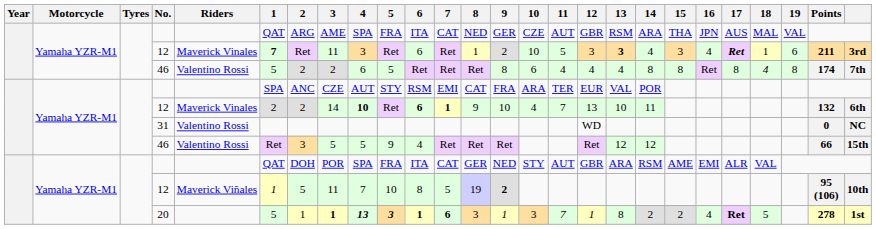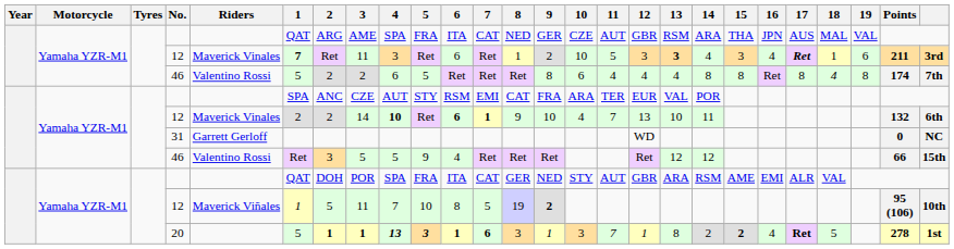 <table class="wikitable" style="font-size: 80%; text-align:center">
 <tr>
 <th>Year</th>
 <th>Motorcycle</th>
 <th>Tyres</th>
 <th>No.</th>
 <th>Riders</th>
 <th>1</th>
 <th>2</th>
 <th>3</th>
 <th>4</th>
 <th>5</th>
 <th>6</th>
 <th>7</th>
 <th>8</th>
 <th>9</th>
 <th>10</th>
 <th>11</th>
 <th>12</th>
 <th>13</th>
 <th>14</th>
 <th>15</th>
 <th>16</th>
 <th>17</th>
 <th>18</th>
 <th>19</th>
 <th>Points</th>
 <th></th>
 </tr>
 <tr>
 <th rowspan="3"></th>
 <td rowspan="3"><a href='#'>Yamaha YZR-M1</a></td>
 <td rowspan="3"></td>
 <td></td>
 <td></td>
 <td><a href='#'>QAT</a></td>
 <td><a href='#'>ARG</a></td>
 <td><a href='#'>AME</a></td>
 <td><a href='#'>SPA</a></td>
 <td><a href='#'>FRA</a></td>
 <td><a href='#'>ITA</a></td>
 <td><a href='#'>CAT</a></td>
 <td><a href='#'>NED</a></td>
 <td><a href='#'>GER</a></td>
 <td><a href='#'>CZE</a></td>
 <td><a href='#'>AUT</a></td>
 <td><a href='#'>GBR</a></td>
 <td><a href='#'>RSM</a></td>
 <td><a href='#'>ARA</a></td>
 <td><a href='#'>THA</a></td>
 <td><a href='#'>JPN</a></td>
 <td><a href='#'>AUS</a></td>
 <td><a href='#'>MAL</a></td>
 <td><a href='#'>VAL</a></td>
 <td colspan=2></td>
 </tr>
 <tr>
 <td>12</td>
 <td align="left"> <a href='#'>Maverick Vinales</a></td>
 <td style="background:#dfffdf;"><strong>7</strong></td>
 <td style="background:#efcfff;">Ret</td>
 <td style="background:#dfffdf;">11</td>
 <td style="background:#ffdf9f;">3</td>
 <td style="background:#efcfff;">Ret</td>
 <td style="background:#dfffdf;">6</td>
 <td style="background:#efcfff;">Ret</td>
 <td style="background:#ffffbf;">1</td>
 <td style="background:#dfdfdf;">2</td>
 <td style="background:#dfffdf;">10</td>
 <td style="background:#dfffdf;">5</td>
 <td style="background:#ffdf9f;">3</td>
 <td style="background:#ffdf9f;"><strong>3</strong></td>
 <td style="background:#dfffdf;">4</td>
 <td style="background:#ffdf9f;">3</td>
 <td style="background:#dfffdf;">4</td>
 <td style="background:#efcfff;"><strong><em>Ret</em></strong></td>
 <td style="background:#ffffbf;">1</td>
 <td style="background:#dfffdf;">6</td>
 <th style="background:#ffdf9f;">211</th>
 <th style="background:#ffdf9f;">3rd</th>
 </tr>
 <tr>
 <td>46</td>
 <td align="left"> <a href='#'>Valentino Rossi</a></td>
 <td style="background:#dfffdf;">5</td>
 <td style="background:#dfdfdf;">2</td>
 <td style="background:#dfdfdf;">2</td>
 <td style="background:#dfffdf;">6</td>
 <td style="background:#dfffdf;">5</td>
 <td style="background:#efcfff;">Ret</td>
 <td style="background:#efcfff;">Ret</td>
 <td style="background:#efcfff;">Ret</td>
 <td style="background:#dfffdf;">8</td>
 <td style="background:#dfffdf;">6</td>
 <td style="background:#dfffdf;">4</td>
 <td style="background:#dfffdf;">4</td>
 <td style="background:#dfffdf;">4</td>
 <td style="background:#dfffdf;">8</td>
 <td style="background:#dfffdf;">8</td>
 <td style="background:#efcfff;">Ret</td>
 <td style="background:#dfffdf;">8</td>
 <td style="background:#dfffdf;"><em>4</em></td>
 <td style="background:#dfffdf;">8</td>
 <th>174</th>
 <th>7th</th>
 </tr>
 <tr>
 <th rowspan="4"></th>
 <td rowspan="4"><a href='#'>Yamaha YZR-M1</a></td>
 <td rowspan="4"></td>
 <td></td>
 <td></td>
 <td><a href='#'>SPA</a></td>
 <td><a href='#'>ANC</a></td>
 <td><a href='#'>CZE</a></td>
 <td><a href='#'>AUT</a></td>
 <td><a href='#'>STY</a></td>
 <td><a href='#'>RSM</a></td>
 <td><a href='#'>EMI</a></td>
 <td><a href='#'>CAT</a></td>
 <td><a href='#'>FRA</a></td>
 <td><a href='#'>ARA</a></td>
 <td><a href='#'>TER</a></td>
 <td><a href='#'>EUR</a></td>
 <td><a href='#'>VAL</a></td>
 <td><a href='#'>POR</a></td>
 <td></td>
 <td></td>
 <td></td>
 <td></td>
 <td></td>
 <td colspan=2></td>
 </tr>
 <tr>
 <td>12</td>
 <td align="left"> <a href='#'>Maverick Vinales</a></td>
 <td style="background:#dfdfdf;">2</td>
 <td style="background:#dfdfdf;">2</td>
 <td style="background:#dfffdf;">14</td>
 <td style="background:#dfffdf;"><strong>10</strong></td>
 <td style="background:#efcfff;">Ret</td>
 <td style="background:#dfffdf;"><strong>6</strong></td>
 <td style="background:#ffffbf;"><strong>1</strong></td>
 <td style="background:#dfffdf;">9</td>
 <td style="background:#dfffdf;">10</td>
 <td style="background:#dfffdf;">4</td>
 <td style="background:#dfffdf;">7</td>
 <td style="background:#dfffdf;">13</td>
 <td style="background:#dfffdf;">10</td>
 <td style="background:#dfffdf;">11</td>
 <td></td>
 <td></td>
 <td></td>
 <td></td>
 <td></td>
 <th>132</th>
 <th>6th</th>
 </tr>
 <tr>
 <td>31</td>
-<td align="left"> <a href='#'>Valentino Rossi</a></td>
+<td align="left"> <a href='#'>Garrett Gerloff</a></td>
 <td style="background:"></td>
 <td style="background:"></td>
 <td style="background:"></td>
 <td style="background:"></td>
 <td style="background:"></td>
 <td style="background:"></td>
 <td style="background:"></td>
 <td style="background:"></td>
 <td style="background:"></td>
 <td style="background:"></td>
 <td style="background:"></td>
 <td style="background:">WD<br></td>
 <td></td>
 <td></td>
 <td></td>
 <td></td>
 <td></td>
 <td></td>
 <td></td>
 <th>0</th>
 <th>NC</th>
 </tr>
 <tr>
 <td>46</td>
 <td align="left"> <a href='#'>Valentino Rossi</a></td>
 <td style="background:#efcfff;">Ret</td>
 <td style="background:#ffdf9f;">3</td>
 <td style="background:#dfffdf;">5</td>
 <td style="background:#dfffdf;">5</td>
 <td style="background:#dfffdf;">9</td>
 <td style="background:#dfffdf;">4</td>
 <td style="background:#efcfff;">Ret</td>
 <td style="background:#efcfff;">Ret</td>
 <td style="background:#efcfff;">Ret</td>
 <td></td>
 <td></td>
 <td style="background:#efcfff;">Ret</td>
 <td style="background:#dfffdf;">12</td>
 <td style="background:#dfffdf;">12</td>
 <td></td>
 <td></td>
 <td></td>
 <td></td>
 <td></td>
 <th>66</th>
 <th>15th</th>
 </tr>
 <tr>
 <th rowspan="3"></th>
 <td rowspan="3"><a href='#'>Yamaha YZR-M1</a></td>
 <td rowspan="3"></td>
 <td></td>
 <td></td>
 <td><a href='#'>QAT</a></td>
 <td><a href='#'>DOH</a></td>
 <td><a href='#'>POR</a></td>
 <td><a href='#'>SPA</a></td>
 <td><a href='#'>FRA</a></td>
 <td><a href='#'>ITA</a></td>
 <td><a href='#'>CAT</a></td>
 <td><a href='#'>GER</a></td>
 <td><a href='#'>NED</a></td>
 <td><a href='#'>STY</a></td>
 <td><a href='#'>AUT</a></td>
 <td><a href='#'>GBR</a></td>
 <td><a href='#'>ARA</a></td>
 <td><a href='#'>RSM</a></td>
 <td><a href='#'>AME</a></td>
 <td><a href='#'>EMI</a></td>
 <td><a href='#'>ALR</a></td>
 <td><a href='#'>VAL</a></td>
 </tr>
 <tr>
 <td>12</td>
 <td align=left> <a href='#'>Maverick Viñales</a></td>
 <td style="background:#ffffbf;"><em>1</em></td>
 <td style="background:#dfffdf;">5</td>
 <td style="background:#dfffdf;">11</td>
 <td style="background:#dfffdf;">7</td>
 <td style="background:#dfffdf;">10</td>
 <td style="background:#dfffdf;">8</td>
 <td style="background:#dfffdf;">5</td>
 <td style="background:#cfcfff;">19</td>
 <td style="background:#dfdfdf;"><strong>2</strong></td>
 <td></td>
 <td></td>
 <td></td>
 <td></td>
 <td></td>
 <td></td>
 <td></td>
 <td></td>
 <td></td>
 <td></td>
 <th>95<br>(106)</th>
 <th>10th</th>
 </tr>
 <tr>
 <td>20</td>
 <td align=left></td>
 <td style="background:#dfffdf;">5</td>
-<td style="background:#ffffbf;">1</td>
+<td style="background:#ffffbf;"><strong>1</strong></td>
 <td style="background:#ffffbf;"><strong>1</strong></td>
 <td style="background:#dfffdf;"><strong><em>13</em></strong></td>
 <td style="background:#ffdf9f;"><strong><em>3</em></strong></td>
 <td style="background:#ffffbf;"><strong>1</strong></td>
 <td style="background:#dfffdf;"><strong>6</strong></td>
 <td style="background:#ffdf9f;">3</td>
 <td style="background:#ffffbf;"><em>1</em></td>
 <td style="background:#ffdf9f;">3</td>
 <td style="background:#dfffdf;"><em>7</em></td>
 <td style="background:#ffffbf;"><em>1</em></td>
 <td style="background:#dfffdf;">8</td>
 <td style="background:#dfdfdf;">2</td>
-<td style="background:#dfdfdf;">2</td>
+<td style="background:#dfdfdf;"><strong>2</strong></td>
 <td style="background:#dfffdf;">4</td>
 <td style="background:#efcfff;"><strong>Ret</strong></td>
 <td style="background:#dfffdf;">5</td>
 <td></td>
 <th rowspan="2" style="background:#ffffbf;">278</th>
 <th rowspan="2" style="background:#ffffbf;">1st</th>
 </tr>
 </table>
